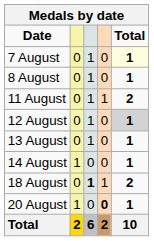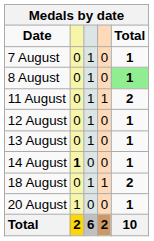 <table class="wikitable" style="text-align:center;font-size:85%">
 <tr style="background:#efefef;">
 <th colspan=7>Medals by date</th>
 </tr>
 <tr>
 <td><strong>Date</strong></td>
 <td bgcolor=#f7f6a8></td>
 <td bgcolor=#dce5e5></td>
 <td bgcolor=#ffdab9></td>
 <td><strong>Total</strong></td>
 </tr>
 <tr>
 <td style="text-align:left;">7 August</td>
 <td style="background:#F7F6A8;">0</td>
 <td style="background:#DCE5E5;">1</td>
 <td style="background:#FFDAB9;">0</td>
-<td style="background: lightyellow;"><strong>1</strong></td>
+<td><strong>1</strong></td>
 </tr>
 <tr>
 <td style="text-align:left;">8 August</td>
 <td style="background:#F7F6A8;">0</td>
 <td style="background:#DCE5E5;">1</td>
 <td style="background:#FFDAB9;">0</td>
-<td><strong>1</strong></td>
+<td style="background: lightgreen;"><strong>1</strong></td>
 </tr>
 <tr>
 <td style="text-align:left;">11 August</td>
 <td style="background:#F7F6A8;">0</td>
 <td style="background:#DCE5E5;">1</td>
 <td style="background:#FFDAB9;">1</td>
 <td><strong>2</strong></td>
 </tr>
 <tr>
 <td style="text-align:left;">12 August</td>
 <td style="background:#F7F6A8;">0</td>
 <td style="background:#DCE5E5;">1</td>
 <td style="background:#FFDAB9;">0</td>
-<td style="background: lightgrey;"><strong>1</strong></td>
+<td><strong>1</strong></td>
 </tr>
 <tr>
 <td style="text-align:left;">13 August</td>
 <td style="background:#F7F6A8;">0</td>
 <td style="background:#DCE5E5;">1</td>
 <td style="background:#FFDAB9;">0</td>
 <td><strong>1</strong></td>
 </tr>
 <tr>
 <td style="text-align:left;">14 August</td>
-<td style="background:#F7F6A8;">1</td>
+<td style="background:#F7F6A8;"><strong>1</strong></td>
 <td style="background:#DCE5E5;">0</td>
 <td style="background:#FFDAB9;">0</td>
 <td><strong>1</strong></td>
 </tr>
 <tr>
 <td style="text-align:left;">18 August</td>
 <td style="background:#F7F6A8;">0</td>
-<td style="background:#DCE5E5;"><strong>1</strong></td>
+<td style="background:#DCE5E5;">1</td>
 <td style="background:#FFDAB9;">1</td>
 <td><strong>2</strong></td>
 </tr>
 <tr>
 <td style="text-align:left;">20 August</td>
 <td style="background:#F7F6A8;">1</td>
 <td style="background:#DCE5E5;">0</td>
-<td style="background:#FFDAB9;"><strong>0</strong></td>
+<td style="background:#FFDAB9;">0</td>
 <td><strong>1</strong></td>
 </tr>
 <tr>
 <th style="text-align:left;">Total</th>
 <th style="background:gold;">2</th>
 <th style="background:silver;">6</th>
 <th style="background:#c96;">2</th>
 <th>10</th>
 </tr>
 </table>
